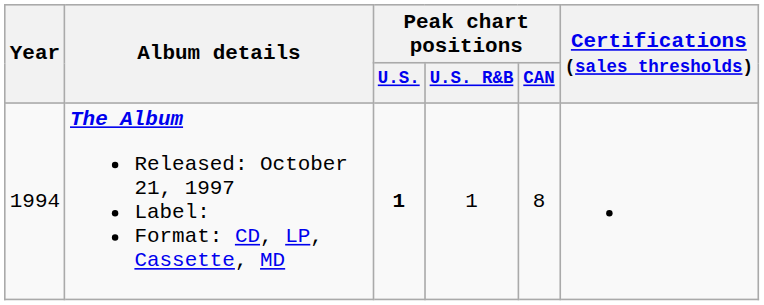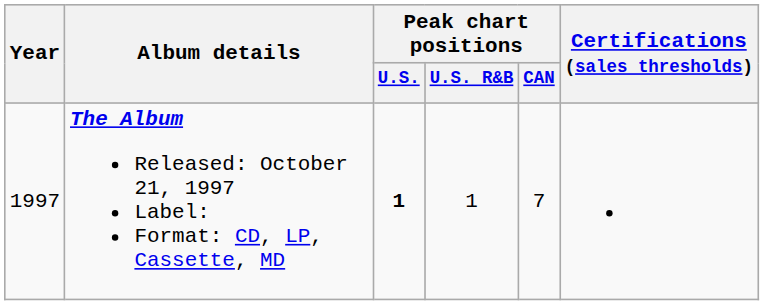 <table class="wikitable">
 <tr>
 <th rowspan="2">Year</th>
 <th rowspan="2" style="width:185px;">Album details</th>
 <th colspan="3">Peak chart<br>positions</th>
 <th rowspan="2"><a href='#'>Certifications</a><br><small>(<a href='#'>sales thresholds</a>)</small></th>
 </tr>
 <tr>
 <th width:40><sup><a href='#'>U.S.</a></sup></th>
 <th width:40><sup><a href='#'>U.S. R&B</a></sup></th>
 <th width:40><sup><a href='#'>CAN</a></sup></th>
 </tr>
 <tr>
-<td>1994</td>
+<td>1997</td>
 <td style="text-align:left;"><strong><em><a href='#'>The Album</a></em></strong><br><ul><li>Released: October 21, 1997</li><li>Label: </li><li>Format: <a href='#'>CD</a>, <a href='#'>LP</a>, <a href='#'>Cassette</a>, <a href='#'>MD</a></li></ul></td>
 <td style="text-align:center;"><strong>1</strong></td>
 <td style="text-align:center;">1</td>
-<td style="text-align:center;">8</td>
+<td style="text-align:center;">7</td>
 <td><br><ul><li></li></ul></td>
 </tr>
 </table>
